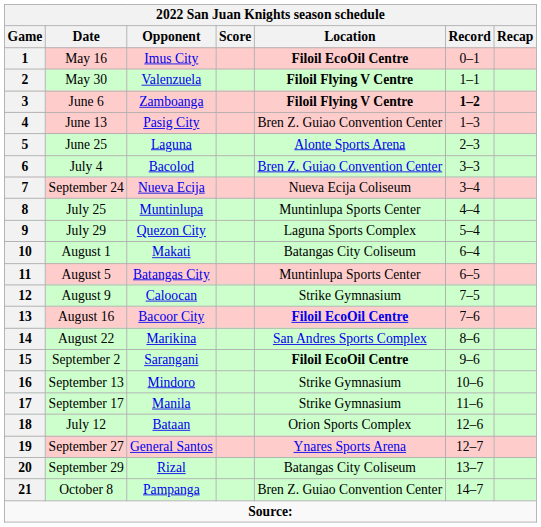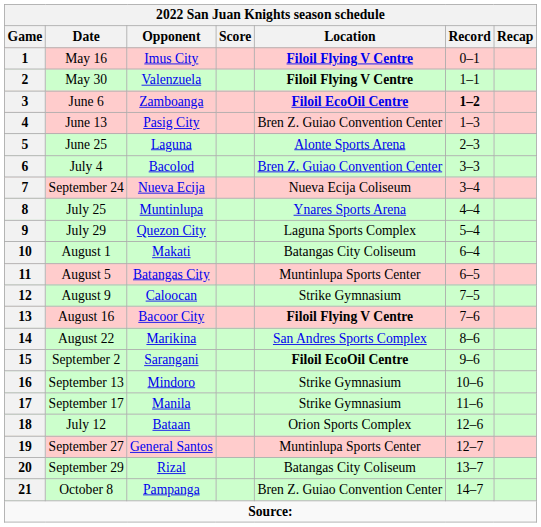 <table class="wikitable" style="text-align:center">
 <tr>
 <th colspan=7>2022 San Juan Knights season schedule</th>
 </tr>
 <tr>
 <th>Game</th>
 <th>Date</th>
 <th>Opponent</th>
 <th>Score</th>
 <th>Location</th>
 <th>Record</th>
 <th>Recap<br></th>
 </tr>
 <tr style="background:#fcc">
 <th>1</th>
 <td>May 16</td>
 <td><a href='#'>Imus City</a></td>
 <td></td>
-<td><strong>Filoil EcoOil Centre</strong></td>
+<td><strong><a href='#'>Filoil Flying V Centre</a></strong></td>
 <td>0–1</td>
 <td></td>
 </tr>
 <tr style="background:#cfc">
 <th>2</th>
 <td>May 30</td>
 <td><a href='#'>Valenzuela</a></td>
 <td></td>
 <td><strong>Filoil Flying V Centre</strong></td>
 <td>1–1</td>
 <td></td>
 </tr>
 <tr style="background:#fcc">
 <th>3</th>
 <td>June 6</td>
 <td><a href='#'>Zamboanga</a></td>
 <td></td>
-<td><strong>Filoil Flying V Centre</strong></td>
+<td><strong><a href='#'>Filoil EcoOil Centre</a></strong></td>
 <td><strong>1–2</strong></td>
 <td></td>
 </tr>
 <tr style="background:#fcc">
 <th>4</th>
 <td>June 13</td>
 <td><a href='#'>Pasig City</a></td>
 <td></td>
 <td>Bren Z. Guiao Convention Center</td>
 <td>1–3</td>
 <td></td>
 </tr>
 <tr style="background:#cfc">
 <th>5</th>
 <td>June 25</td>
 <td><a href='#'>Laguna</a></td>
 <td></td>
 <td><a href='#'>Alonte Sports Arena</a></td>
 <td>2–3</td>
 <td></td>
 </tr>
 <tr style="background:#cfc">
 <th>6</th>
 <td>July 4</td>
 <td><a href='#'>Bacolod</a></td>
 <td></td>
 <td><a href='#'>Bren Z. Guiao Convention Center</a></td>
 <td>3–3</td>
 <td></td>
 </tr>
 <tr style="background:#fcc">
 <th>7</th>
 <td>September 24</td>
 <td><a href='#'>Nueva Ecija</a></td>
 <td></td>
 <td>Nueva Ecija Coliseum</td>
 <td>3–4</td>
 <td><br></td>
 </tr>
 <tr style="background:#cfc">
 <th>8</th>
 <td>July 25</td>
 <td><a href='#'>Muntinlupa</a></td>
 <td></td>
-<td>Muntinlupa Sports Center</td>
+<td><a href='#'>Ynares Sports Arena</a></td>
 <td>4–4</td>
 <td></td>
 </tr>
 <tr style="background:#cfc">
 <th>9</th>
 <td>July 29</td>
 <td><a href='#'>Quezon City</a></td>
 <td></td>
 <td>Laguna Sports Complex</td>
 <td>5–4</td>
 <td></td>
 </tr>
 <tr style="background:#cfc">
 <th>10</th>
 <td>August 1</td>
 <td><a href='#'>Makati</a></td>
 <td></td>
 <td>Batangas City Coliseum</td>
 <td>6–4</td>
 <td></td>
 </tr>
 <tr style="background:#fcc">
 <th>11</th>
 <td>August 5</td>
 <td><a href='#'>Batangas City</a></td>
 <td></td>
 <td>Muntinlupa Sports Center</td>
 <td>6–5</td>
 <td></td>
 </tr>
 <tr style="background:#cfc">
 <th>12</th>
 <td>August 9</td>
 <td><a href='#'>Caloocan</a></td>
 <td></td>
 <td>Strike Gymnasium</td>
 <td>7–5</td>
 <td></td>
 </tr>
 <tr style="background:#fcc">
 <th>13</th>
 <td>August 16</td>
 <td><a href='#'>Bacoor City</a></td>
 <td></td>
-<td><strong><a href='#'>Filoil EcoOil Centre</a></strong></td>
+<td><strong>Filoil Flying V Centre</strong></td>
 <td>7–6</td>
 <td></td>
 </tr>
 <tr style="background:#cfc">
 <th>14</th>
 <td>August 22</td>
 <td><a href='#'>Marikina</a></td>
 <td></td>
 <td><a href='#'>San Andres Sports Complex</a></td>
 <td>8–6</td>
 <td><br></td>
 </tr>
 <tr style="background:#cfc">
 <th>15</th>
 <td>September 2</td>
 <td><a href='#'>Sarangani</a></td>
 <td></td>
 <td><strong>Filoil EcoOil Centre</strong></td>
 <td>9–6</td>
 <td></td>
 </tr>
 <tr style="background:#cfc">
 <th>16</th>
 <td>September 13</td>
 <td><a href='#'>Mindoro</a></td>
 <td></td>
 <td>Strike Gymnasium</td>
 <td>10–6</td>
 <td></td>
 </tr>
 <tr style="background:#cfc">
 <th>17</th>
 <td>September 17</td>
 <td><a href='#'>Manila</a></td>
 <td></td>
 <td>Strike Gymnasium</td>
 <td>11–6</td>
 <td></td>
 </tr>
 <tr style="background:#cfc">
 <th>18</th>
 <td>July 12</td>
 <td><a href='#'>Bataan</a></td>
 <td></td>
 <td>Orion Sports Complex</td>
 <td>12–6</td>
 <td></td>
 </tr>
 <tr style="background:#fcc">
 <th>19</th>
 <td>September 27</td>
 <td><a href='#'>General Santos</a></td>
 <td></td>
-<td><a href='#'>Ynares Sports Arena</a></td>
+<td>Muntinlupa Sports Center</td>
 <td>12–7</td>
 <td></td>
 </tr>
 <tr style="background:#cfc">
 <th>20</th>
 <td>September 29</td>
 <td><a href='#'>Rizal</a></td>
 <td></td>
 <td>Batangas City Coliseum</td>
 <td>13–7</td>
 <td></td>
 </tr>
 <tr style="background:#cfc">
 <th>21</th>
 <td>October 8</td>
 <td><a href='#'>Pampanga</a></td>
 <td></td>
 <td>Bren Z. Guiao Convention Center</td>
 <td>14–7</td>
 <td></td>
 </tr>
 <tr>
 <td colspan=7 align=center><strong>Source: </strong></td>
 </tr>
 </table>
